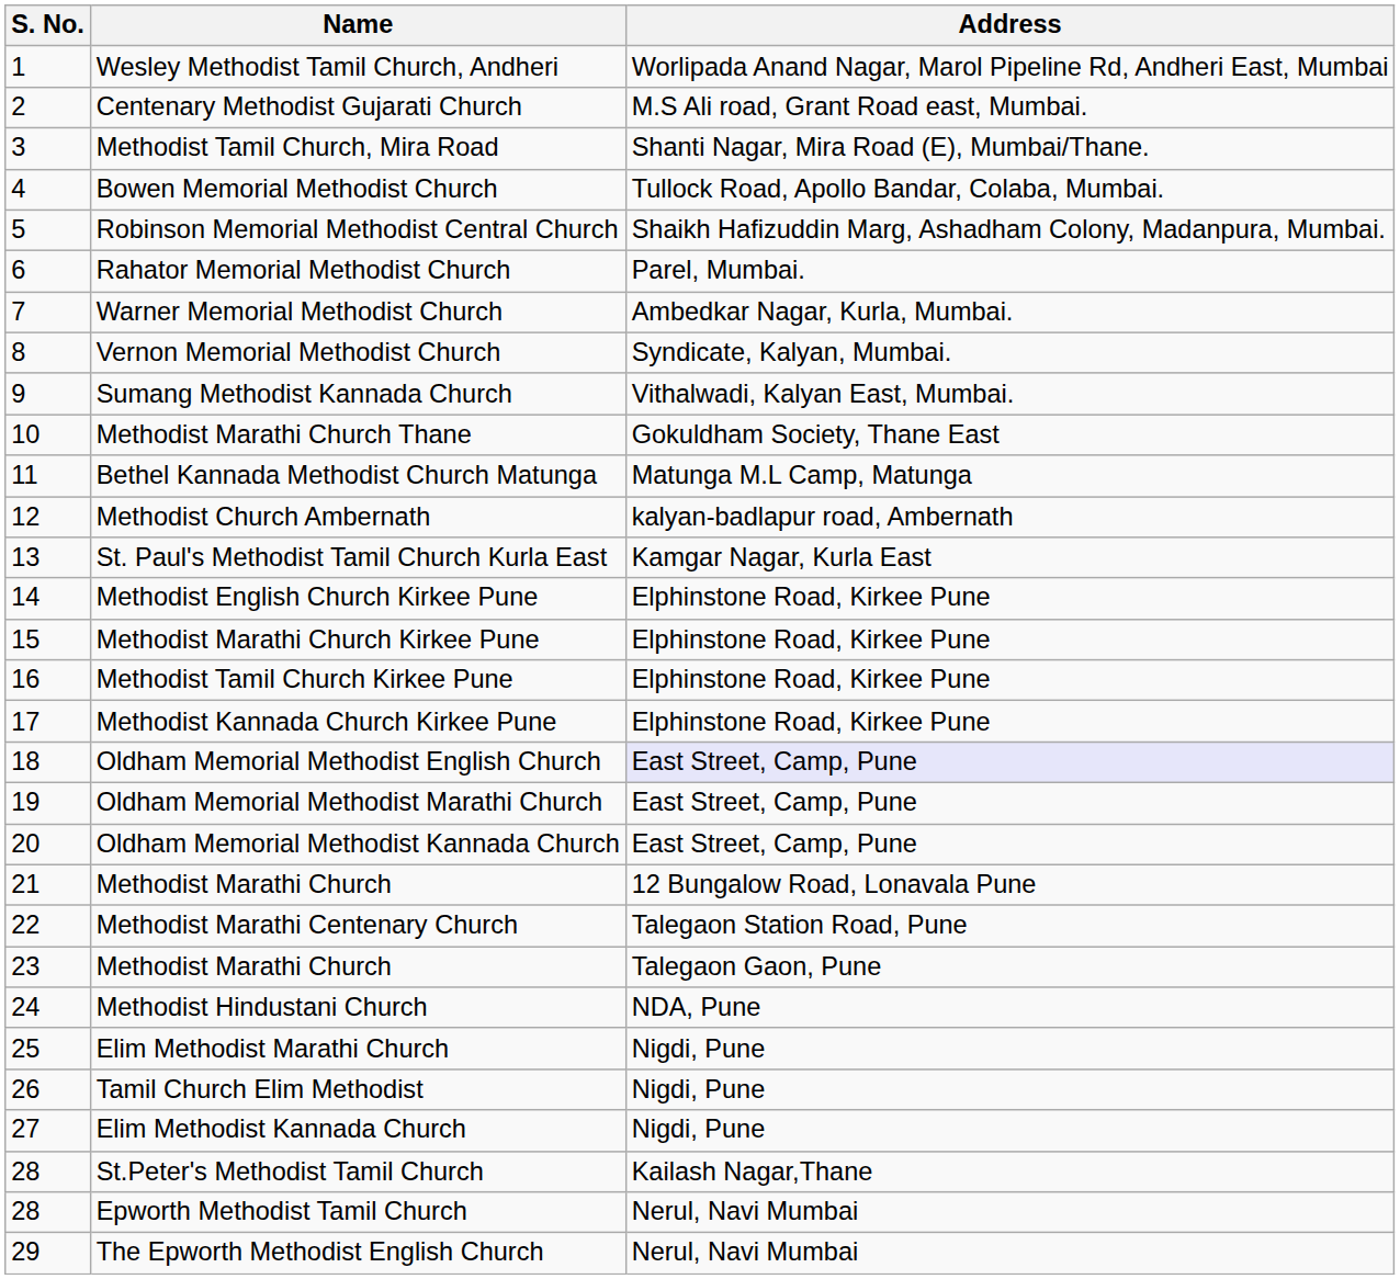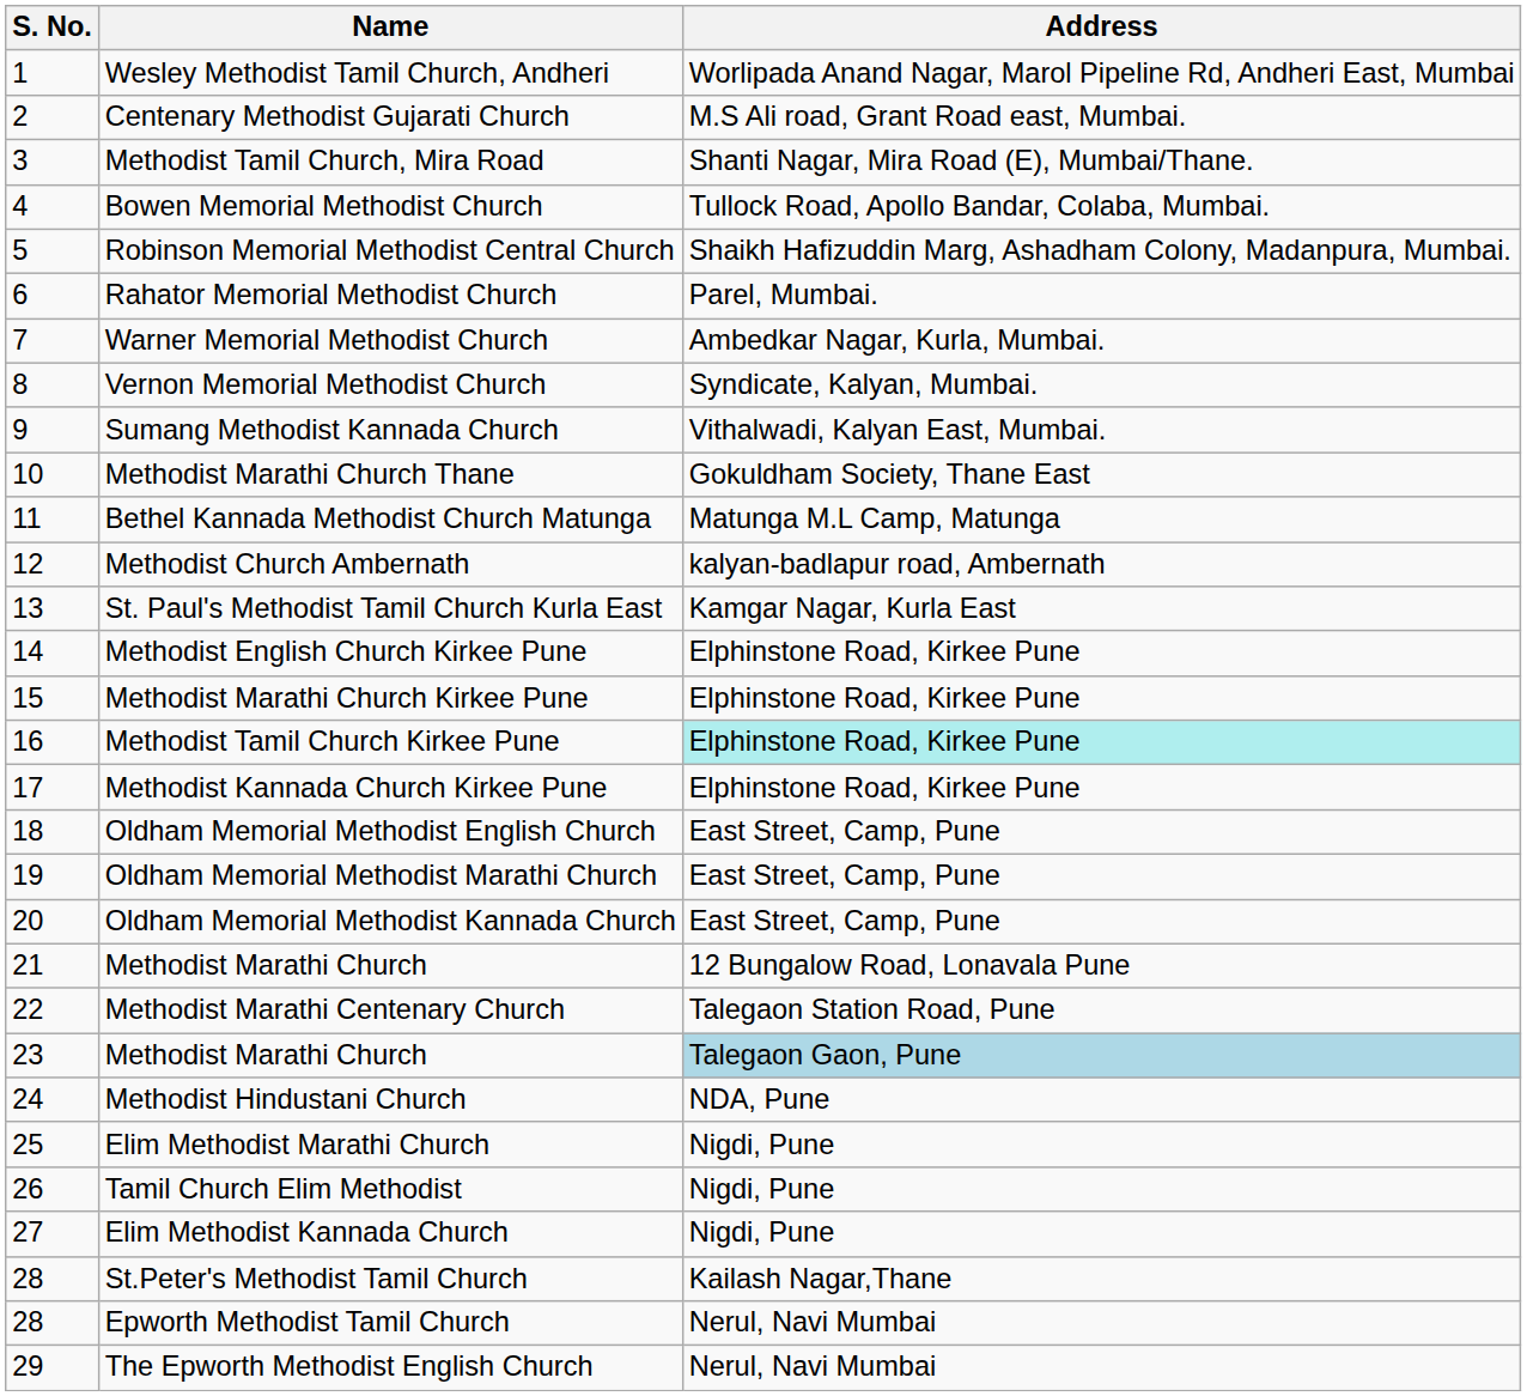 <table class="wikitable">
 <tr>
 <th>S. No.</th>
 <th>Name</th>
 <th>Address</th>
 </tr>
 <tr>
 <td>1</td>
 <td>Wesley Methodist Tamil Church, Andheri</td>
 <td>Worlipada Anand Nagar, Marol Pipeline Rd, Andheri East, Mumbai</td>
 </tr>
 <tr>
 <td>2</td>
 <td>Centenary Methodist Gujarati Church</td>
 <td>M.S Ali road, Grant Road east, Mumbai.</td>
 </tr>
 <tr>
 <td>3</td>
 <td>Methodist Tamil Church, Mira Road</td>
 <td>Shanti Nagar, Mira Road (E), Mumbai/Thane.</td>
 </tr>
 <tr>
 <td>4</td>
 <td>Bowen Memorial Methodist Church</td>
 <td>Tullock Road, Apollo Bandar, Colaba, Mumbai.</td>
 </tr>
 <tr>
 <td>5</td>
 <td>Robinson Memorial Methodist Central Church</td>
 <td>Shaikh Hafizuddin Marg, Ashadham Colony, Madanpura, Mumbai.</td>
 </tr>
 <tr>
 <td>6</td>
 <td>Rahator Memorial Methodist Church</td>
 <td>Parel, Mumbai.</td>
 </tr>
 <tr>
 <td>7</td>
 <td>Warner Memorial Methodist Church</td>
 <td>Ambedkar Nagar, Kurla, Mumbai.</td>
 </tr>
 <tr>
 <td>8</td>
 <td>Vernon Memorial Methodist Church</td>
 <td>Syndicate, Kalyan, Mumbai.</td>
 </tr>
 <tr>
 <td>9</td>
 <td>Sumang Methodist Kannada Church</td>
 <td>Vithalwadi, Kalyan East, Mumbai.</td>
 </tr>
 <tr>
 <td>10</td>
 <td>Methodist Marathi Church Thane</td>
 <td>Gokuldham Society, Thane East</td>
 </tr>
 <tr>
 <td>11</td>
 <td>Bethel Kannada Methodist Church Matunga</td>
 <td>Matunga M.L Camp, Matunga</td>
 </tr>
 <tr>
 <td>12</td>
 <td>Methodist Church Ambernath</td>
 <td>kalyan-badlapur road, Ambernath</td>
 </tr>
 <tr>
 <td>13</td>
 <td>St. Paul's Methodist Tamil Church Kurla East</td>
 <td>Kamgar Nagar, Kurla East</td>
 </tr>
 <tr>
 <td>14</td>
 <td>Methodist English Church Kirkee Pune</td>
 <td>Elphinstone Road, Kirkee Pune</td>
 </tr>
 <tr>
 <td>15</td>
 <td>Methodist Marathi Church Kirkee Pune</td>
 <td>Elphinstone Road, Kirkee Pune</td>
 </tr>
 <tr>
 <td>16</td>
 <td>Methodist Tamil Church Kirkee Pune</td>
-<td>Elphinstone Road, Kirkee Pune</td>
+<td style="background: paleturquoise;">Elphinstone Road, Kirkee Pune</td>
 </tr>
 <tr>
 <td>17</td>
 <td>Methodist Kannada Church Kirkee Pune</td>
 <td>Elphinstone Road, Kirkee Pune</td>
 </tr>
 <tr>
 <td>18</td>
 <td>Oldham Memorial Methodist English Church</td>
-<td style="background: lavender;">East Street, Camp, Pune</td>
+<td>East Street, Camp, Pune</td>
 </tr>
 <tr>
 <td>19</td>
 <td>Oldham Memorial Methodist Marathi Church</td>
 <td>East Street, Camp, Pune</td>
 </tr>
 <tr>
 <td>20</td>
 <td>Oldham Memorial Methodist Kannada Church</td>
 <td>East Street, Camp, Pune</td>
 </tr>
 <tr>
 <td>21</td>
 <td>Methodist Marathi Church</td>
 <td>12 Bungalow Road, Lonavala Pune</td>
 </tr>
 <tr>
 <td>22</td>
 <td>Methodist Marathi Centenary Church</td>
 <td>Talegaon Station Road, Pune</td>
 </tr>
 <tr>
 <td>23</td>
 <td>Methodist Marathi Church</td>
-<td>Talegaon Gaon, Pune</td>
+<td style="background: lightblue;">Talegaon Gaon, Pune</td>
 </tr>
 <tr>
 <td>24</td>
 <td>Methodist Hindustani Church</td>
 <td>NDA, Pune</td>
 </tr>
 <tr>
 <td>25</td>
 <td>Elim Methodist Marathi Church</td>
 <td>Nigdi, Pune</td>
 </tr>
 <tr>
 <td>26</td>
 <td>Tamil Church Elim Methodist</td>
 <td>Nigdi, Pune</td>
 </tr>
 <tr>
 <td>27</td>
 <td>Elim Methodist Kannada Church</td>
 <td>Nigdi, Pune</td>
 </tr>
 <tr>
 <td>28</td>
 <td>St.Peter's Methodist Tamil Church</td>
 <td>Kailash Nagar,Thane</td>
 </tr>
 <tr>
 <td>28</td>
 <td>Epworth Methodist Tamil Church</td>
 <td>Nerul, Navi Mumbai</td>
 </tr>
 <tr>
 <td>29</td>
 <td>The Epworth Methodist English Church</td>
 <td>Nerul, Navi Mumbai</td>
 </tr>
 </table>
